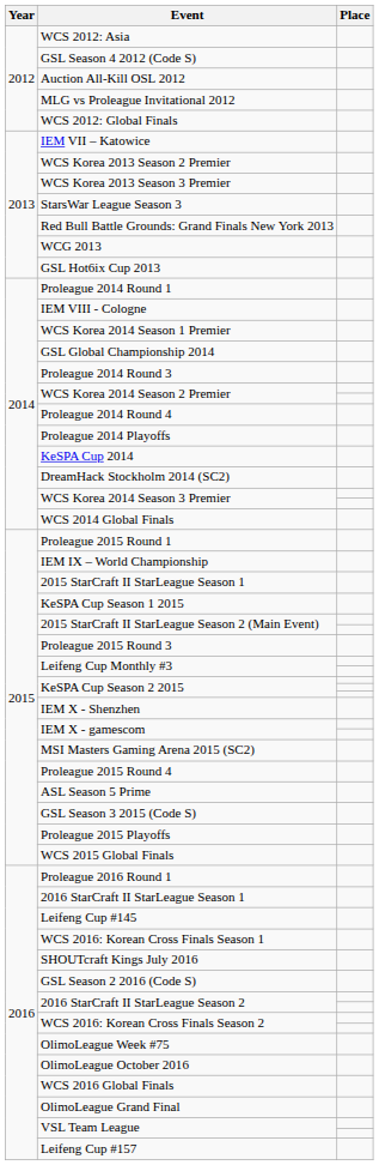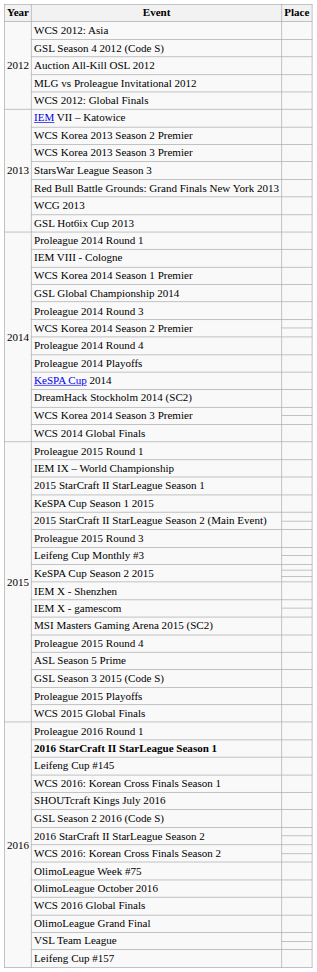 <table class="wikitable sortable">
 <tr>
 <th>Year</th>
 <th>Event</th>
 <th>Place</th>
 </tr>
 <tr>
 <td rowspan="5">2012</td>
 <td>WCS 2012: Asia</td>
 <td></td>
 </tr>
 <tr>
 <td>GSL Season 4 2012 (Code S)</td>
 <td></td>
 </tr>
 <tr>
 <td>Auction All-Kill OSL 2012</td>
 <td></td>
 </tr>
 <tr>
 <td>MLG vs Proleague Invitational 2012</td>
 <td></td>
 </tr>
 <tr>
 <td>WCS 2012: Global Finals</td>
 <td></td>
 </tr>
 <tr>
 <td rowspan="7">2013</td>
 <td><a href='#'>IEM</a> VII – Katowice</td>
 <td></td>
 </tr>
 <tr>
 <td>WCS Korea 2013 Season 2 Premier</td>
 <td></td>
 </tr>
 <tr>
 <td>WCS Korea 2013 Season 3 Premier</td>
 <td></td>
 </tr>
 <tr>
 <td>StarsWar League Season 3</td>
 <td></td>
 </tr>
 <tr>
 <td>Red Bull Battle Grounds: Grand Finals New York 2013</td>
 <td></td>
 </tr>
 <tr>
 <td>WCG 2013</td>
 <td></td>
 </tr>
 <tr>
 <td>GSL Hot6ix Cup 2013</td>
 <td></td>
 </tr>
 <tr>
 <td rowspan="14">2014</td>
 <td>Proleague 2014 Round 1</td>
 <td></td>
 </tr>
 <tr>
 <td>IEM VIII - Cologne</td>
 <td></td>
 </tr>
 <tr>
 <td>WCS Korea 2014 Season 1 Premier</td>
 <td></td>
 </tr>
 <tr>
 <td>GSL Global Championship 2014</td>
 <td></td>
 </tr>
 <tr>
 <td>Proleague 2014 Round 3</td>
 <td></td>
 </tr>
 <tr>
 <td rowspan="2">WCS Korea 2014 Season 2 Premier</td>
 <td></td>
 </tr>
 <tr>
 <td></td>
 </tr>
 <tr>
 <td>Proleague 2014 Round 4</td>
 <td></td>
 </tr>
 <tr>
 <td>Proleague 2014 Playoffs</td>
 <td></td>
 </tr>
 <tr>
 <td><a href='#'>KeSPA Cup</a> 2014</td>
 <td></td>
 </tr>
 <tr>
 <td>DreamHack Stockholm 2014 (SC2)</td>
 <td></td>
 </tr>
 <tr>
 <td rowspan="2">WCS Korea 2014 Season 3 Premier</td>
 <td></td>
 </tr>
 <tr>
 <td></td>
 </tr>
 <tr>
 <td>WCS 2014 Global Finals</td>
 <td></td>
 </tr>
 <tr>
 <td rowspan="21">2015</td>
 <td>Proleague 2015 Round 1</td>
 <td></td>
 </tr>
 <tr>
 <td>IEM IX – World Championship</td>
 <td></td>
 </tr>
 <tr>
 <td>2015 StarCraft II StarLeague Season 1</td>
 <td></td>
 </tr>
 <tr>
 <td>KeSPA Cup Season 1 2015</td>
 <td></td>
 </tr>
 <tr>
 <td rowspan="2">2015 StarCraft II StarLeague Season 2 (Main Event)</td>
 <td></td>
 </tr>
 <tr>
 <td></td>
 </tr>
 <tr>
 <td>Proleague 2015 Round 3</td>
 <td></td>
 </tr>
 <tr>
 <td rowspan="2">Leifeng Cup Monthly #3</td>
 <td></td>
 </tr>
 <tr>
 <td></td>
 </tr>
 <tr>
 <td rowspan="3">KeSPA Cup Season 2 2015</td>
 <td></td>
 </tr>
 <tr>
 <td></td>
 </tr>
 <tr>
 <td></td>
 </tr>
 <tr>
 <td>IEM X - Shenzhen</td>
 <td></td>
 </tr>
 <tr>
 <td rowspan="2">IEM X - gamescom</td>
 <td></td>
 </tr>
 <tr>
 <td></td>
 </tr>
 <tr>
 <td>MSI Masters Gaming Arena 2015 (SC2)</td>
 <td></td>
 </tr>
 <tr>
 <td>Proleague 2015 Round 4</td>
 <td></td>
 </tr>
 <tr>
 <td>ASL Season 5 Prime</td>
 <td></td>
 </tr>
 <tr>
 <td>GSL Season 3 2015 (Code S)</td>
 <td></td>
 </tr>
 <tr>
 <td>Proleague 2015 Playoffs</td>
 <td></td>
 </tr>
 <tr>
 <td>WCS 2015 Global Finals</td>
 <td></td>
 </tr>
 <tr>
 <td rowspan="17">2016</td>
 <td>Proleague 2016 Round 1</td>
 <td></td>
 </tr>
 <tr>
-<td>2016 StarCraft II StarLeague Season 1</td>
+<td><strong>2016 StarCraft II StarLeague Season 1</strong></td>
 <td></td>
 </tr>
 <tr>
 <td>Leifeng Cup #145</td>
 <td></td>
 </tr>
 <tr>
 <td>WCS 2016: Korean Cross Finals Season 1</td>
 <td></td>
 </tr>
 <tr>
 <td>SHOUTcraft Kings July 2016</td>
 <td></td>
 </tr>
 <tr>
 <td>GSL Season 2 2016 (Code S)</td>
 <td></td>
 </tr>
 <tr>
 <td rowspan="2">2016 StarCraft II StarLeague Season 2</td>
 <td></td>
 </tr>
 <tr>
 <td></td>
 </tr>
 <tr>
 <td rowspan="2">WCS 2016: Korean Cross Finals Season 2</td>
 <td></td>
 </tr>
 <tr>
 <td></td>
 </tr>
 <tr>
 <td>OlimoLeague Week #75</td>
 <td></td>
 </tr>
 <tr>
 <td>OlimoLeague October 2016</td>
 <td></td>
 </tr>
 <tr>
 <td>WCS 2016 Global Finals</td>
 <td></td>
 </tr>
 <tr>
 <td>OlimoLeague Grand Final</td>
 <td></td>
 </tr>
 <tr>
 <td rowspan="2">VSL Team League</td>
 <td></td>
 </tr>
 <tr>
 <td></td>
 </tr>
 <tr>
 <td>Leifeng Cup #157</td>
 <td></td>
 </tr>
 </table>
